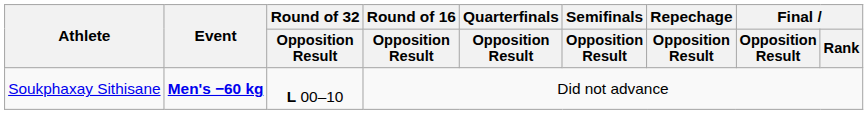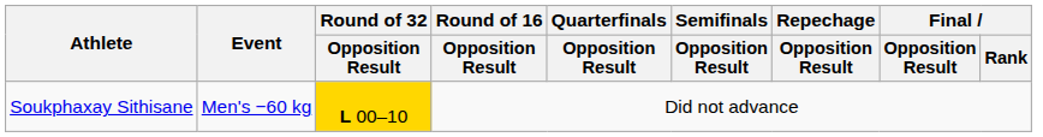 <table class="wikitable" style="font-size:90%">
 <tr>
 <th rowspan="2">Athlete</th>
 <th rowspan="2">Event</th>
 <th>Round of 32</th>
 <th>Round of 16</th>
 <th>Quarterfinals</th>
 <th>Semifinals</th>
 <th>Repechage</th>
 <th colspan=2>Final / </th>
 </tr>
 <tr style="font-size:95%">
 <th>Opposition<br>Result</th>
 <th>Opposition<br>Result</th>
 <th>Opposition<br>Result</th>
 <th>Opposition<br>Result</th>
 <th>Opposition<br>Result</th>
 <th>Opposition<br>Result</th>
 <th>Rank</th>
 </tr>
 <tr align=center>
 <td align=left><a href='#'>Soukphaxay Sithisane</a></td>
-<td align=left><strong><a href='#'>Men's −60 kg</a></strong></td>
-<td><br><strong>L</strong> 00–10</td>
+<td align=left><a href='#'>Men's −60 kg</a></td>
+<td style="background: gold;"><br><strong>L</strong> 00–10</td>
 <td colspan=7>Did not advance</td>
 </tr>
 </table>
